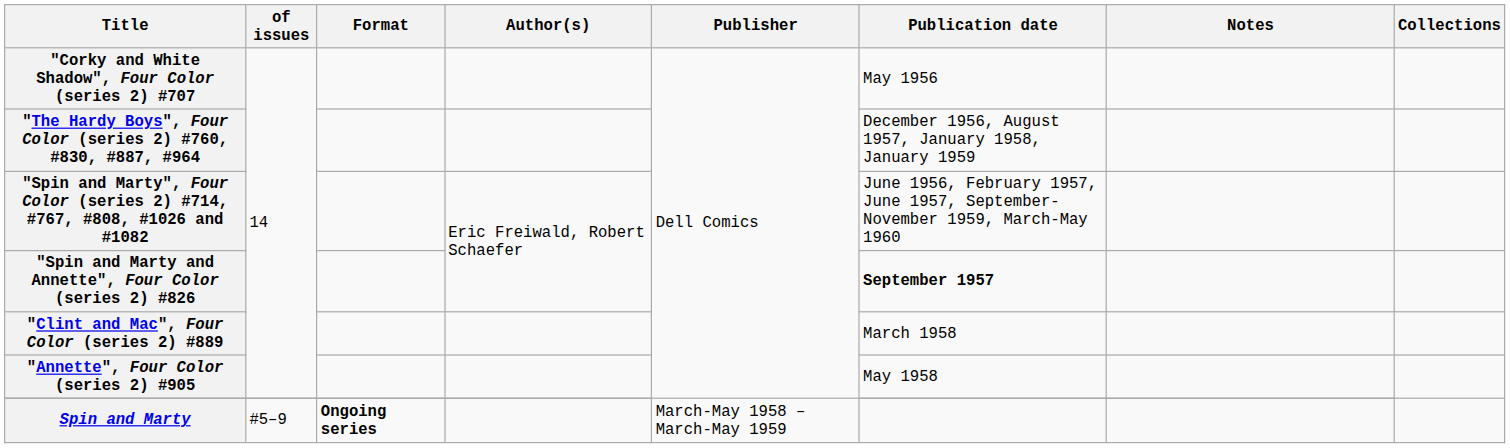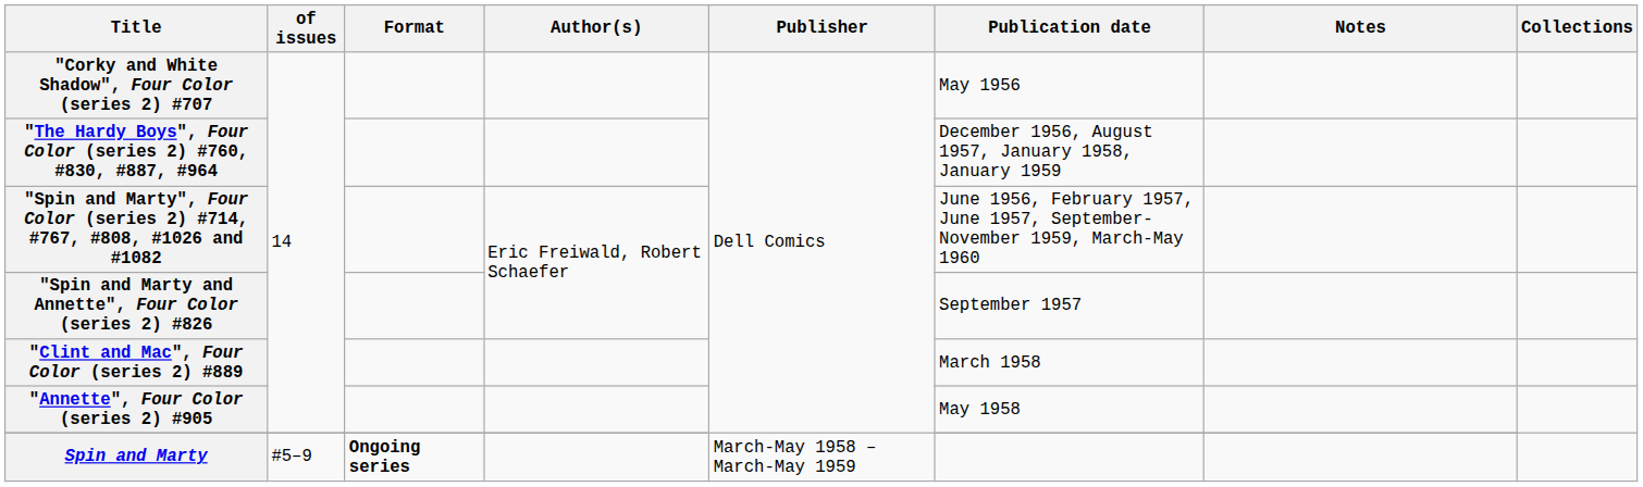 <table class="wikitable">
 <tr>
 <th>Title</th>
 <th style="width:40pt"> of issues</th>
 <th style="width:75pt">Format</th>
 <th style="width:125pt">Author(s)</th>
 <th style="width:125pt">Publisher</th>
 <th style="width:150pt">Publication date</th>
 <th style="width:175pt">Notes</th>
 <th>Collections</th>
 </tr>
 <tr>
 <th>"Corky and White Shadow", <em>Four Color</em> (series 2) #707</th>
 <td rowspan="6">14</td>
 <td></td>
 <td></td>
 <td rowspan="7">Dell Comics</td>
 <td>May 1956</td>
 <td></td>
 <td></td>
 </tr>
 <tr>
 <th>"<a href='#'>The Hardy Boys</a>", <em>Four Color</em> (series 2) #760, #830, #887, #964</th>
 <td></td>
 <td></td>
 <td>December 1956, August 1957, January 1958, January 1959</td>
 <td></td>
 <td></td>
 </tr>
 <tr>
 <th>"Spin and Marty", <em>Four Color</em> (series 2) #714, #767, #808, #1026 and #1082</th>
 <td></td>
 <td rowspan="2">Eric Freiwald, Robert Schaefer</td>
 <td>June 1956, February 1957, June 1957, September-November 1959, March-May 1960</td>
 <td></td>
 <td></td>
 </tr>
 <tr>
 <th>"Spin and Marty and Annette", <em>Four Color</em> (series 2) #826</th>
 <td></td>
-<td><strong>September 1957</strong></td>
+<td>September 1957</td>
 <td></td>
 <td></td>
 </tr>
 <tr>
 <th>"<a href='#'>Clint and Mac</a>", <em>Four Color</em> (series 2) #889</th>
 <td></td>
 <td></td>
 <td>March 1958</td>
 <td></td>
 <td></td>
 </tr>
 <tr>
 <th>"<a href='#'>Annette</a>", <em>Four Color</em> (series 2) #905</th>
 <td></td>
 <td></td>
 <td>May 1958</td>
 <td></td>
 <td></td>
 </tr>
 <tr>
 </tr>
 <tr>
 <th><em><a href='#'>Spin and Marty</a></em></th>
 <td>#5–9</td>
 <td><strong>Ongoing series</strong></td>
 <td></td>
 <td>March-May 1958 – March-May 1959</td>
 <td></td>
 <td></td>
 </tr>
 </table>
